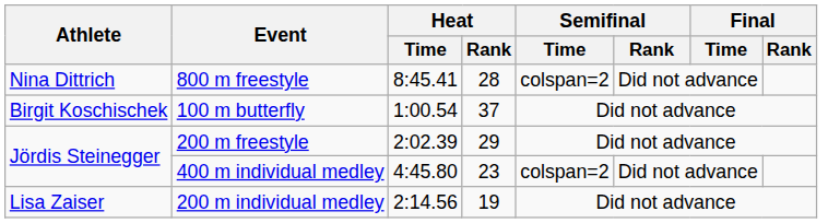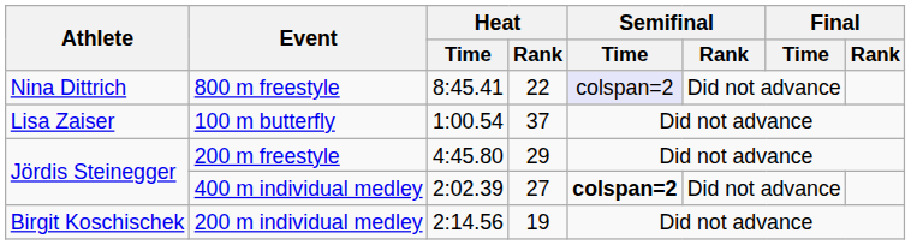 <table class=wikitable style="font-size:90%">
 <tr>
 <th rowspan="2">Athlete</th>
 <th rowspan="2">Event</th>
 <th colspan="2">Heat</th>
 <th colspan="2">Semifinal</th>
 <th colspan="2">Final</th>
 </tr>
 <tr style="font-size:95%">
 <th>Time</th>
 <th>Rank</th>
 <th>Time</th>
 <th>Rank</th>
 <th>Time</th>
 <th>Rank</th>
 </tr>
 <tr align=center>
 <td align=left><a href='#'>Nina Dittrich</a></td>
 <td align=left><a href='#'>800 m freestyle</a></td>
 <td>8:45.41</td>
-<td>28</td>
-<td>colspan=2 </td>
+<td>22</td>
+<td style="background: lavender;">colspan=2 </td>
 <td colspan=2>Did not advance</td>
 </tr>
 <tr align=center>
-<td align=left><a href='#'>Birgit Koschischek</a></td>
+<td align=left><a href='#'>Lisa Zaiser</a></td>
 <td align=left><a href='#'>100 m butterfly</a></td>
 <td>1:00.54</td>
 <td>37</td>
 <td colspan=4>Did not advance</td>
 </tr>
 <tr align=center>
 <td align=left rowspan=2><a href='#'>Jördis Steinegger</a></td>
 <td align=left><a href='#'>200 m freestyle</a></td>
-<td>2:02.39</td>
+<td>4:45.80</td>
 <td>29</td>
 <td colspan=4>Did not advance</td>
 </tr>
 <tr align=center>
 <td align=left><a href='#'>400 m individual medley</a></td>
-<td>4:45.80</td>
-<td>23</td>
-<td>colspan=2 </td>
+<td>2:02.39</td>
+<td>27</td>
+<td><strong>colspan=2 </strong></td>
 <td colspan=2>Did not advance</td>
 </tr>
 <tr align=center>
-<td align=left><a href='#'>Lisa Zaiser</a></td>
+<td align=left><a href='#'>Birgit Koschischek</a></td>
 <td align=left><a href='#'>200 m individual medley</a></td>
 <td>2:14.56</td>
 <td>19</td>
 <td colspan=4>Did not advance</td>
 </tr>
 </table>
